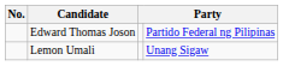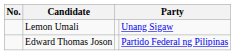 <table class="wikitable sortable" style="text-align:left;">
 <tr>
 <th>No.</th>
 <th>Candidate</th>
 <th colspan="2">Party</th>
 </tr>
 <tr>
 <td></td>
+<td>Lemon Umali</td>
+<td></td>
+<td><a href='#'>Unang Sigaw</a></td>
+</tr>
+<tr>
+<td></td>
 <td>Edward Thomas Joson</td>
 <td></td>
 <td><a href='#'>Partido Federal ng Pilipinas</a></td>
 </tr>
-<tr>
-<td></td>
-<td>Lemon Umali</td>
-<td></td>
-<td><a href='#'>Unang Sigaw</a></td>
-</tr>
 </table>
